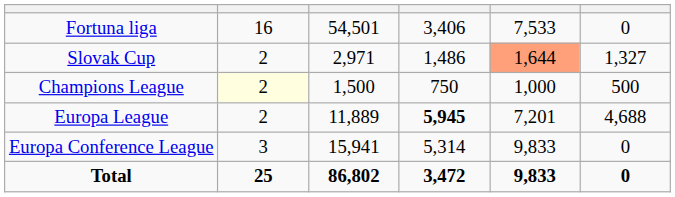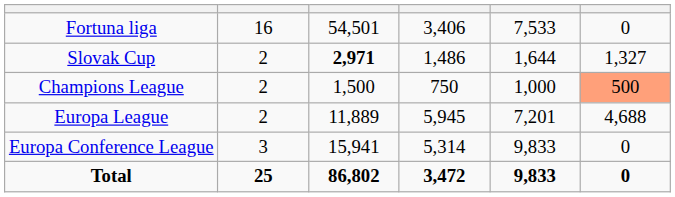 <table class="wikitable sortable" style="text-align: center;">
 <tr>
 <th></th>
 <th style="width:70px;"></th>
 <th style="width:70px;"></th>
 <th style="width:70px;"></th>
 <th style="width:70px;"></th>
 <th style="width:70px;"></th>
 </tr>
 <tr>
 <td><a href='#'>Fortuna liga</a></td>
 <td>16</td>
 <td>54,501</td>
 <td>3,406</td>
 <td>7,533</td>
 <td>0</td>
 </tr>
 <tr>
 <td><a href='#'>Slovak Cup</a></td>
 <td>2</td>
-<td>2,971</td>
+<td><strong>2,971</strong></td>
 <td>1,486</td>
-<td style="background: lightsalmon;">1,644</td>
+<td>1,644</td>
 <td>1,327</td>
 </tr>
 <tr>
 <td><a href='#'>Champions League</a></td>
-<td style="background: lightyellow;">2</td>
+<td>2</td>
 <td>1,500</td>
 <td>750</td>
 <td>1,000</td>
-<td>500</td>
+<td style="background: lightsalmon;">500</td>
 </tr>
 <tr>
 <td><a href='#'>Europa League</a></td>
 <td>2</td>
 <td>11,889</td>
-<td><strong>5,945</strong></td>
+<td>5,945</td>
 <td>7,201</td>
 <td>4,688</td>
 </tr>
 <tr>
 <td><a href='#'>Europa Conference League</a></td>
 <td>3</td>
 <td>15,941</td>
 <td>5,314</td>
 <td>9,833</td>
 <td>0</td>
 </tr>
 <tr>
 <td><strong>Total</strong></td>
 <td><strong>25</strong></td>
 <td><strong>86,802</strong></td>
 <td><strong>3,472</strong></td>
 <td><strong>9,833</strong></td>
 <td><strong>0</strong></td>
 </tr>
 </table>
